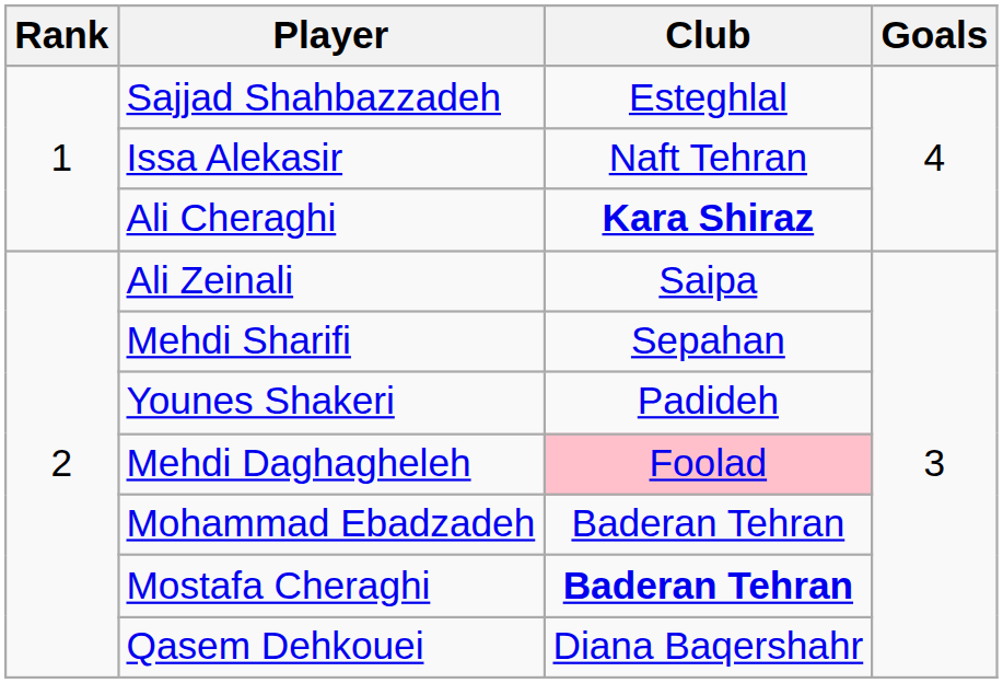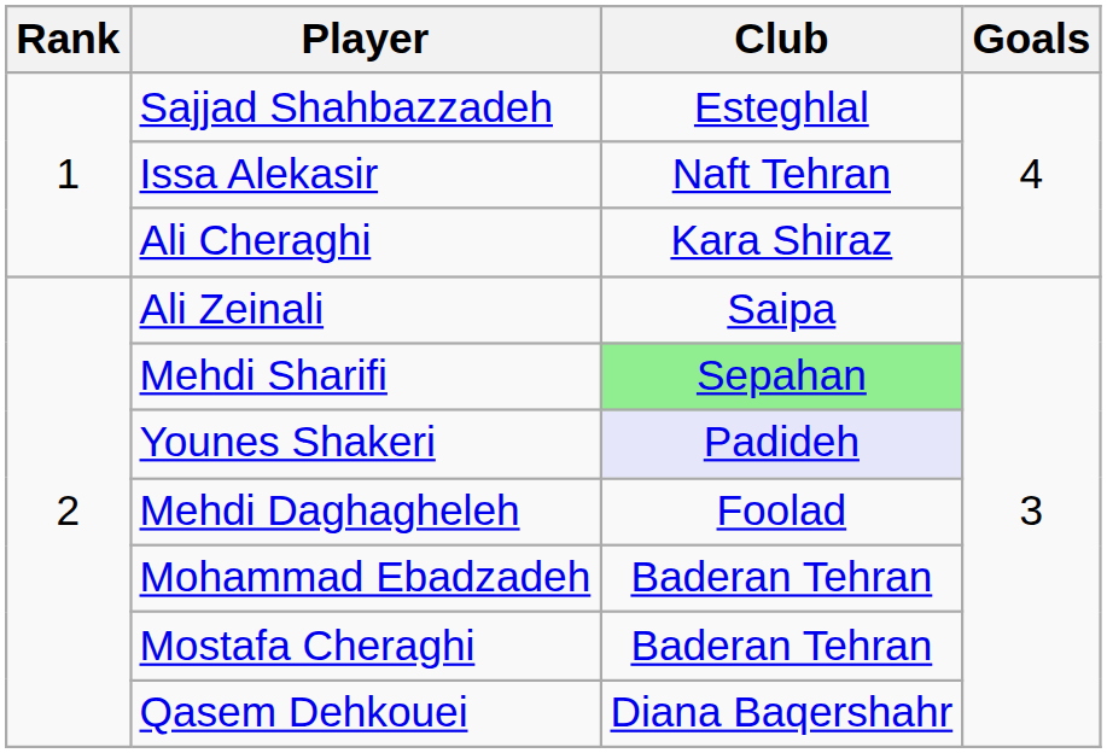 <table class="wikitable sortable" style="text-align:center">
 <tr>
 <th>Rank</th>
 <th>Player</th>
 <th>Club</th>
 <th>Goals</th>
 </tr>
 <tr>
 <td rowspan="3">1</td>
 <td align="left"> <a href='#'>Sajjad Shahbazzadeh</a></td>
 <td><a href='#'>Esteghlal</a></td>
 <td rowspan="3">4</td>
 </tr>
 <tr>
 <td align="left"> <a href='#'>Issa Alekasir</a></td>
 <td><a href='#'>Naft Tehran</a></td>
 </tr>
 <tr>
 <td align="left"> <a href='#'>Ali Cheraghi</a></td>
-<td><strong><a href='#'>Kara Shiraz</a></strong></td>
+<td><a href='#'>Kara Shiraz</a></td>
 </tr>
 <tr>
 <td rowspan="7">2</td>
 <td align="left"> <a href='#'>Ali Zeinali</a></td>
 <td><a href='#'>Saipa</a></td>
 <td rowspan="7">3</td>
 </tr>
 <tr>
 <td align="left"> <a href='#'>Mehdi Sharifi</a></td>
-<td><a href='#'>Sepahan</a></td>
+<td style="background: lightgreen;"><a href='#'>Sepahan</a></td>
 </tr>
 <tr>
 <td align="left"> <a href='#'>Younes Shakeri</a></td>
-<td><a href='#'>Padideh</a></td>
+<td style="background: lavender;"><a href='#'>Padideh</a></td>
 </tr>
 <tr>
 <td align="left"> <a href='#'>Mehdi Daghagheleh</a></td>
-<td style="background: pink;"><a href='#'>Foolad</a></td>
+<td><a href='#'>Foolad</a></td>
 </tr>
 <tr>
 <td align="left"> <a href='#'>Mohammad Ebadzadeh</a></td>
 <td><a href='#'>Baderan Tehran</a></td>
 </tr>
 <tr>
 <td align="left"> <a href='#'>Mostafa Cheraghi</a></td>
-<td><strong><a href='#'>Baderan Tehran</a></strong></td>
+<td><a href='#'>Baderan Tehran</a></td>
 </tr>
 <tr>
 <td align="left"> <a href='#'>Qasem Dehkouei</a></td>
 <td><a href='#'>Diana Baqershahr</a></td>
 </tr>
 </table>
